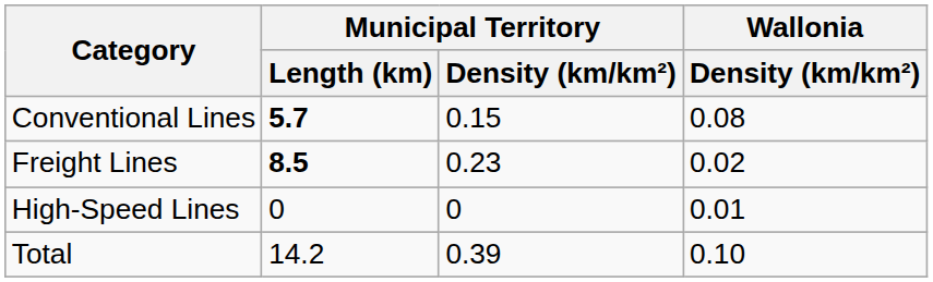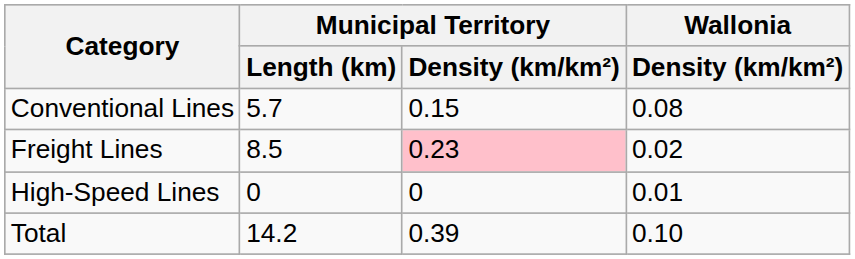 <table class="wikitable">
 <tr>
 <th rowspan="2">Category</th>
 <th colspan="2">Municipal Territory</th>
 <th>Wallonia</th>
 </tr>
 <tr>
 <th>Length (km)</th>
 <th>Density (km/km²)</th>
 <th>Density (km/km²)</th>
 </tr>
 <tr>
 <td>Conventional Lines</td>
-<td><strong>5.7</strong></td>
+<td>5.7</td>
 <td>0.15</td>
 <td>0.08</td>
 </tr>
 <tr>
 <td>Freight Lines</td>
-<td><strong>8.5</strong></td>
-<td>0.23</td>
+<td>8.5</td>
+<td style="background: pink;">0.23</td>
 <td>0.02</td>
 </tr>
 <tr>
 <td>High-Speed Lines</td>
 <td>0</td>
 <td>0</td>
 <td>0.01</td>
 </tr>
 <tr>
 <td>Total</td>
 <td>14.2</td>
 <td>0.39</td>
 <td>0.10</td>
 </tr>
 </table>
